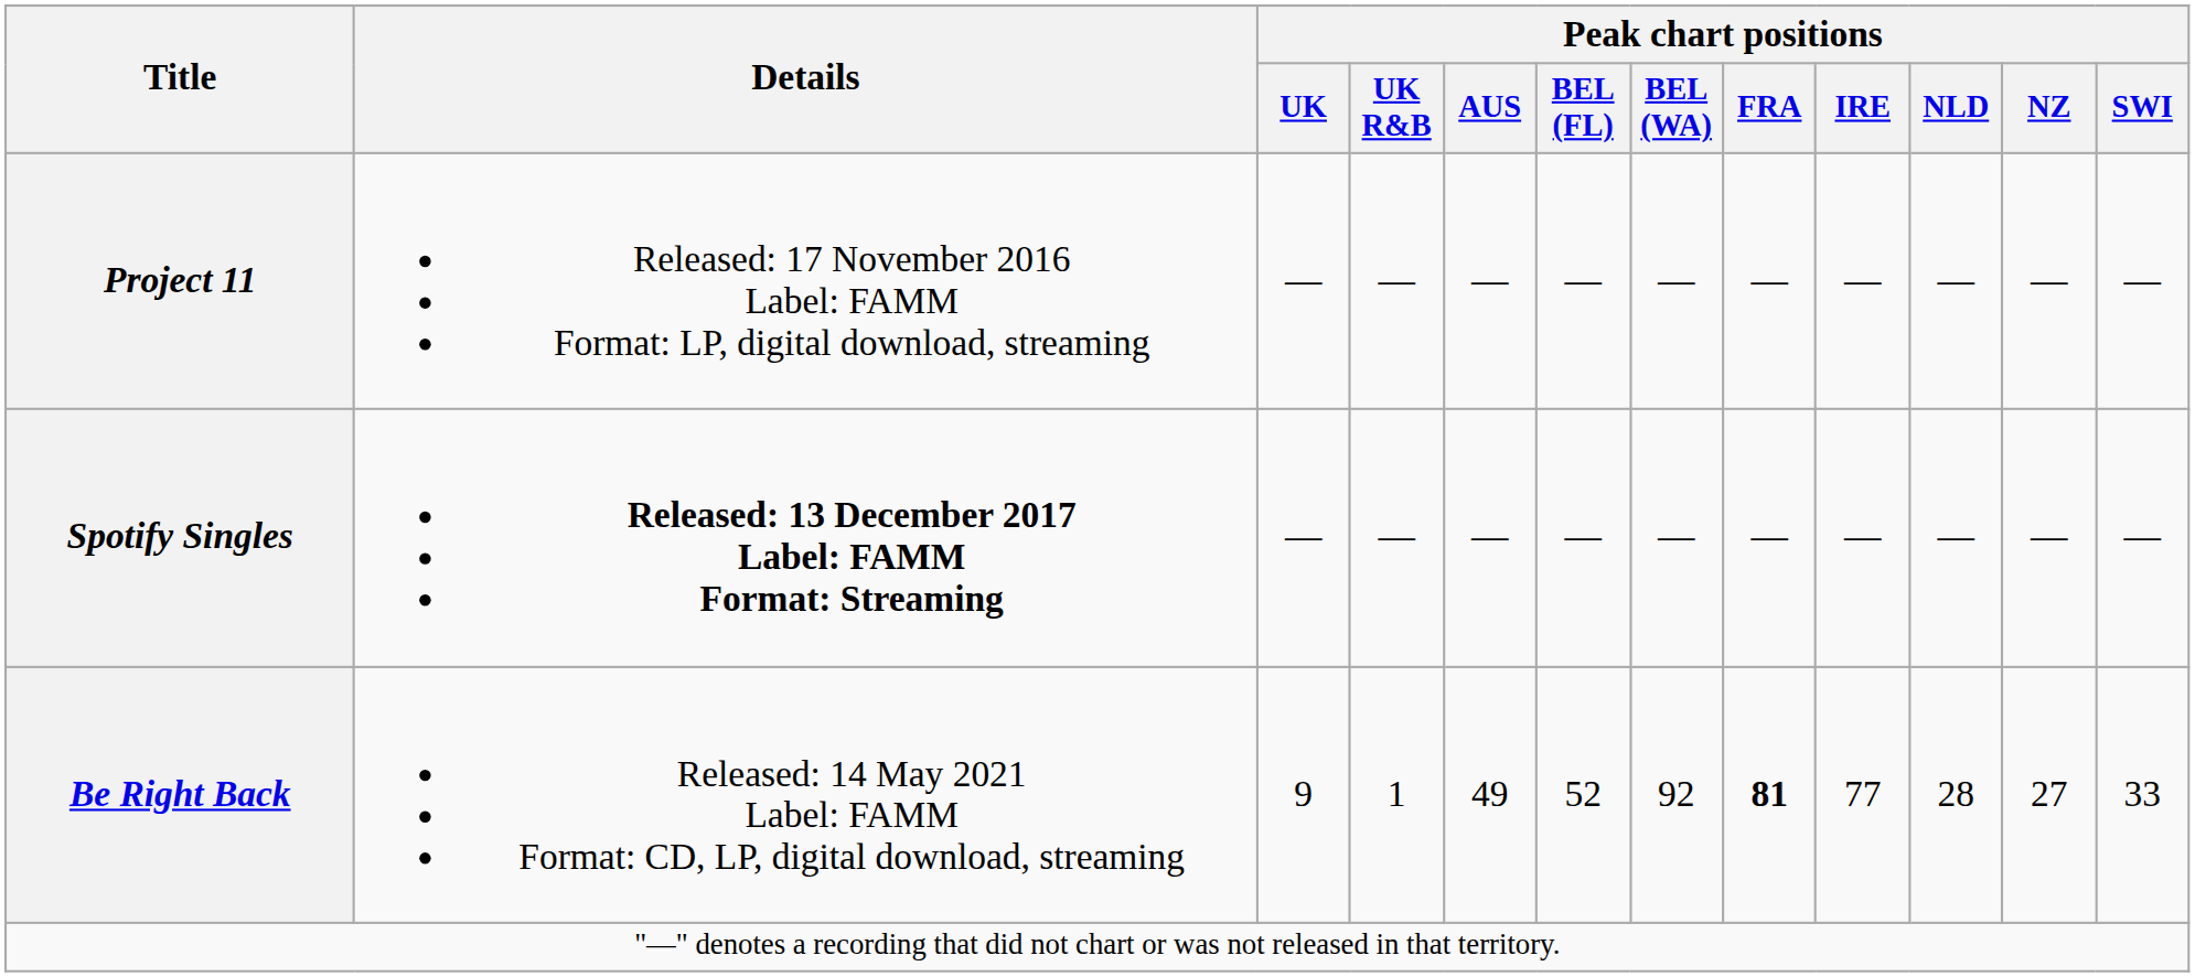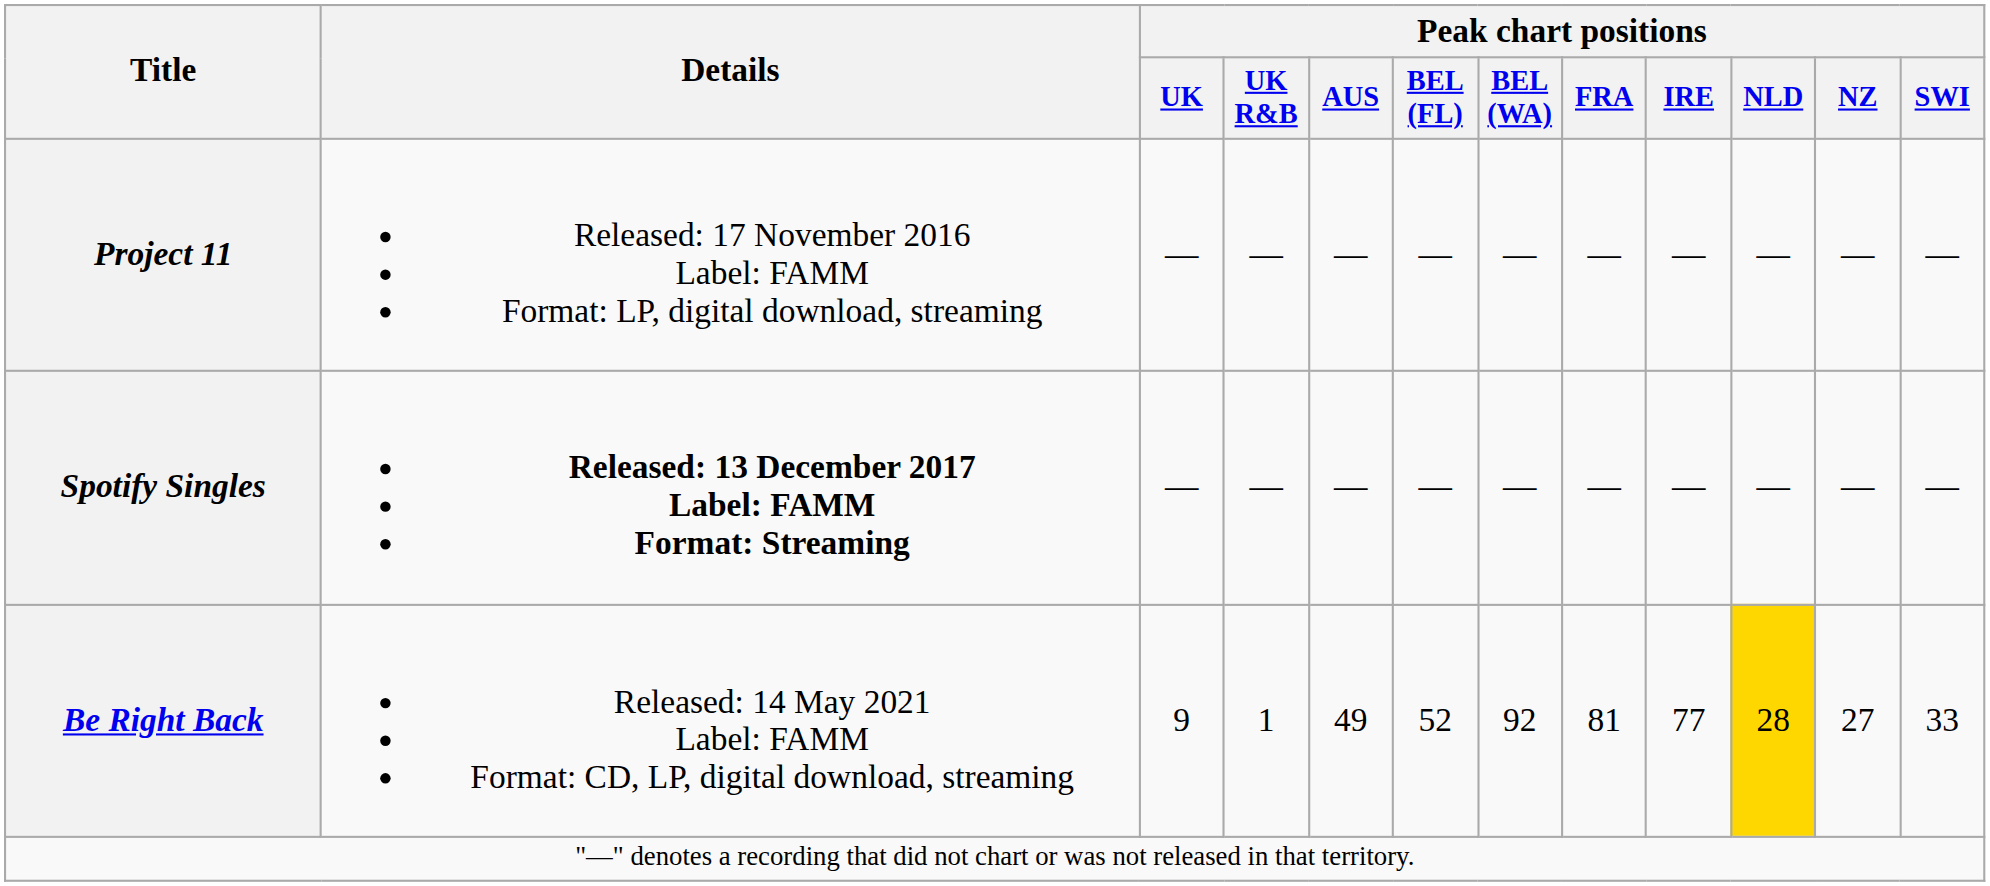 <table class="wikitable plainrowheaders" style="text-align:center">
 <tr>
 <th scope="col" rowspan="2" style="width:9em;">Title</th>
 <th scope="col" rowspan="2" style="width:24em;">Details</th>
 <th scope="col" colspan="10">Peak chart positions</th>
 </tr>
 <tr>
 <th scope="col" style="width:2.5em;font-size:85%;"><a href='#'>UK</a><br></th>
 <th scope="col" style="width:2.5em;font-size:85%;"><a href='#'>UK<br>R&B</a><br></th>
 <th scope="col" style="width:2.5em;font-size:85%;"><a href='#'>AUS</a><br></th>
 <th scope="col" style="width:2.5em;font-size:85%;"><a href='#'>BEL<br>(FL)</a><br></th>
 <th scope="col" style="width:2.5em;font-size:85%;"><a href='#'>BEL<br>(WA)</a><br></th>
 <th scope="col" style="width:2.5em;font-size:85%;"><a href='#'>FRA</a><br></th>
 <th scope="col" style="width:2.5em;font-size:85%;"><a href='#'>IRE</a><br></th>
 <th scope="col" style="width:2.5em;font-size:85%;"><a href='#'>NLD</a><br></th>
 <th scope="col" style="width:2.5em;font-size:85%;"><a href='#'>NZ</a><br></th>
 <th scope="col" style="width:2.5em;font-size:85%;"><a href='#'>SWI</a></th>
 </tr>
 <tr>
 <th scope="row"><em>Project 11</em></th>
 <td><br><ul><li>Released: 17 November 2016</li><li>Label: FAMM</li><li>Format: LP, digital download, streaming</li></ul></td>
 <td>—</td>
 <td>—</td>
 <td>—</td>
 <td>—</td>
 <td>—</td>
 <td>—</td>
 <td>—</td>
 <td>—</td>
 <td>—</td>
 <td>—</td>
 </tr>
 <tr>
 <th scope="row"><em>Spotify Singles</em></th>
 <td><strong><br><ul><li>Released: 13 December 2017</li><li>Label: FAMM</li><li>Format: Streaming</li></ul></strong></td>
 <td>—</td>
 <td>—</td>
 <td>—</td>
 <td>—</td>
 <td>—</td>
 <td>—</td>
 <td>—</td>
 <td>—</td>
 <td>—</td>
 <td>—</td>
 </tr>
 <tr>
 <th scope="row"><em><a href='#'>Be Right Back</a></em></th>
 <td><br><ul><li>Released: 14 May 2021</li><li>Label: FAMM</li><li>Format: CD, LP, digital download, streaming</li></ul></td>
 <td>9</td>
 <td>1</td>
 <td>49</td>
 <td>52</td>
 <td>92</td>
-<td><strong>81</strong></td>
+<td>81</td>
 <td>77</td>
-<td>28</td>
+<td style="background: gold;">28</td>
 <td>27</td>
 <td>33</td>
 </tr>
 <tr>
 <td colspan="15" style="font-size:80%">"—" denotes a recording that did not chart or was not released in that territory.</td>
 </tr>
 </table>
